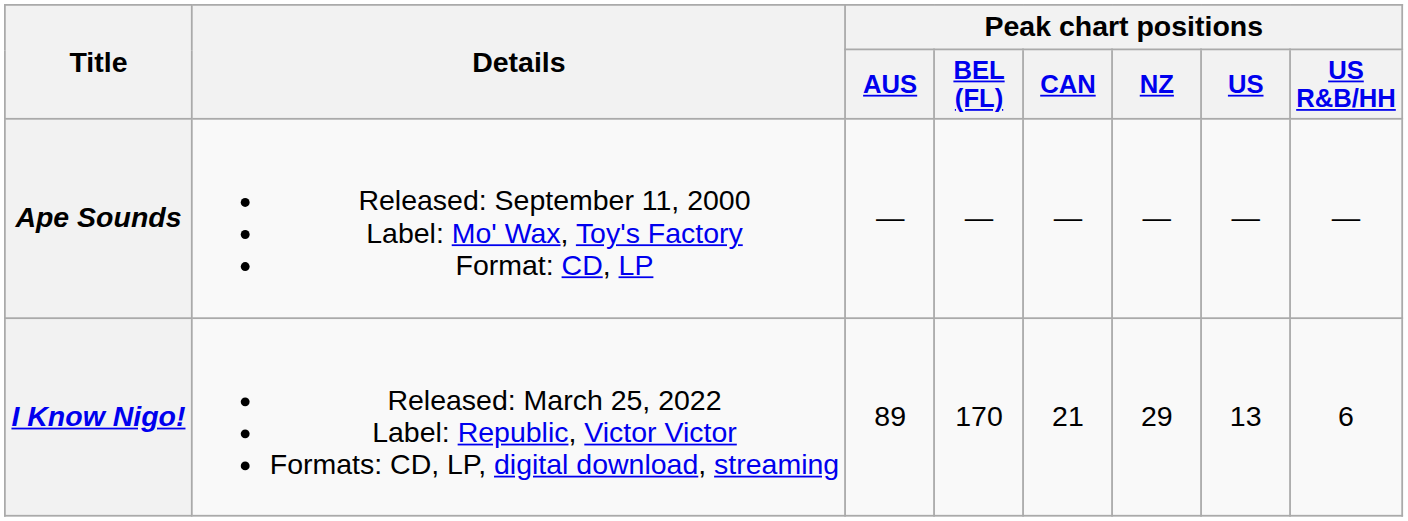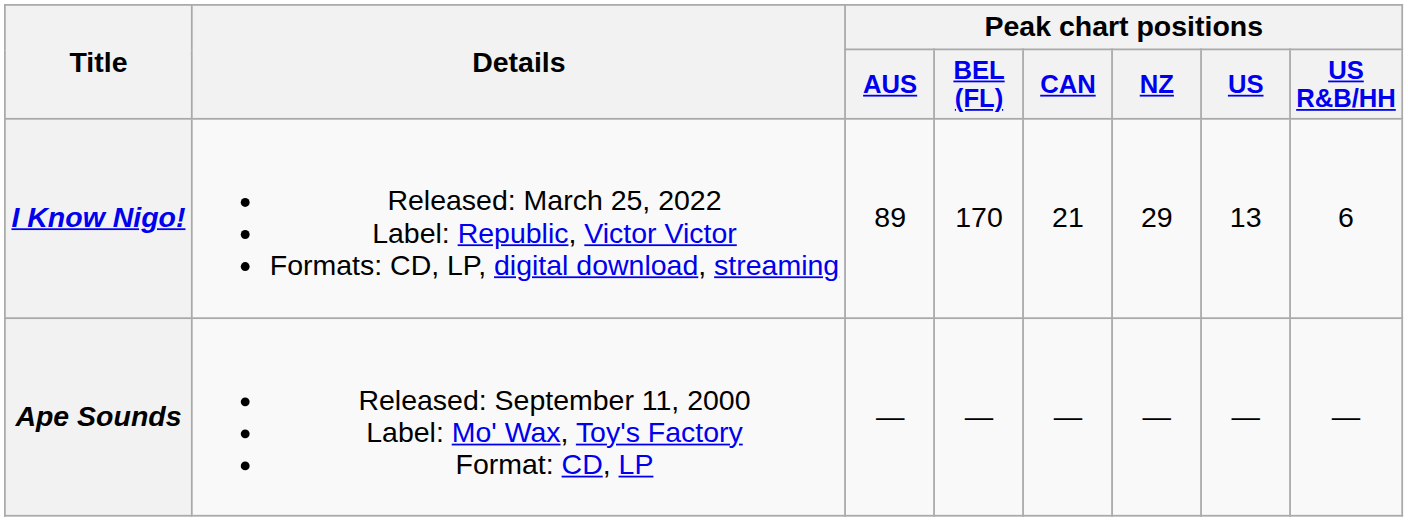 <table class="wikitable plainrowheaders" style="text-align:center;">
 <tr>
 <th scope="col" rowspan="2">Title</th>
 <th scope="col" rowspan="2">Details</th>
 <th scope="col" colspan="6">Peak chart positions</th>
 </tr>
 <tr>
 <th scope="col" style="width:3em;font-size:90%;"><a href='#'>AUS</a><br></th>
 <th scope="col" style="width:3em;font-size:90%;"><a href='#'>BEL<br>(FL)</a><br></th>
 <th scope="col" style="width:3em;font-size:90%;"><a href='#'>CAN</a><br></th>
 <th scope="col" style="width:3em;font-size:90%;"><a href='#'>NZ</a><br></th>
 <th scope="col" style="width:3em;font-size:90%;"><a href='#'>US</a><br></th>
 <th scope="col" style="width:3em;font-size:90%;"><a href='#'>US<br>R&B/HH</a><br></th>
 </tr>
 <tr>
+<th scope="row"><em><a href='#'>I Know Nigo!</a></em></th>
+<td><br><ul><li>Released: March 25, 2022</li><li>Label: <a href='#'>Republic</a>, <a href='#'>Victor Victor</a></li><li>Formats: CD, LP, <a href='#'>digital download</a>, <a href='#'>streaming</a></li></ul></td>
+<td>89</td>
+<td>170</td>
+<td>21</td>
+<td>29</td>
+<td>13</td>
+<td>6</td>
+</tr>
+<tr>
 <th scope="row"><em>Ape Sounds</em></th>
 <td><br><ul><li>Released: September 11, 2000</li><li>Label: <a href='#'>Mo' Wax</a>, <a href='#'>Toy's Factory</a></li><li>Format: <a href='#'>CD</a>, <a href='#'>LP</a></li></ul></td>
 <td>—</td>
 <td>—</td>
 <td>—</td>
 <td>—</td>
 <td>—</td>
 <td>—</td>
 </tr>
-<tr>
-<th scope="row"><em><a href='#'>I Know Nigo!</a></em></th>
-<td><br><ul><li>Released: March 25, 2022</li><li>Label: <a href='#'>Republic</a>, <a href='#'>Victor Victor</a></li><li>Formats: CD, LP, <a href='#'>digital download</a>, <a href='#'>streaming</a></li></ul></td>
-<td>89</td>
-<td>170</td>
-<td>21</td>
-<td>29</td>
-<td>13</td>
-<td>6</td>
-</tr>
 </table>
